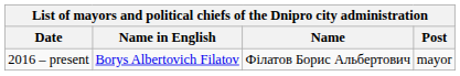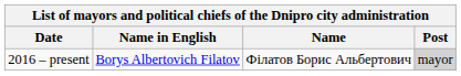 <table class="wikitable">
 <tr>
 <th colspan="4">List of mayors and political chiefs of the Dnipro city administration</th>
 </tr>
 <tr>
 <th>Date</th>
 <th>Name in English</th>
 <th>Name</th>
 <th>Post</th>
 </tr>
 <tr valign=top>
 <td>2016 – present</td>
 <td><a href='#'>Borys Albertovich Filatov</a></td>
 <td>Філатов Борис Альбертович</td>
-<td>mayor</td>
+<td style="background: lightgrey;">mayor</td>
 </tr>
 </table>
